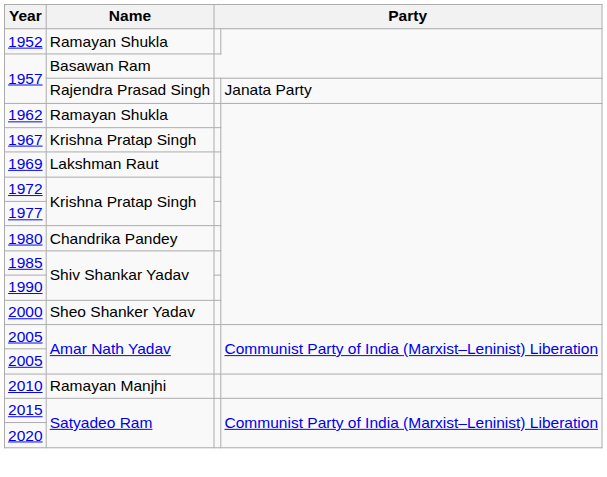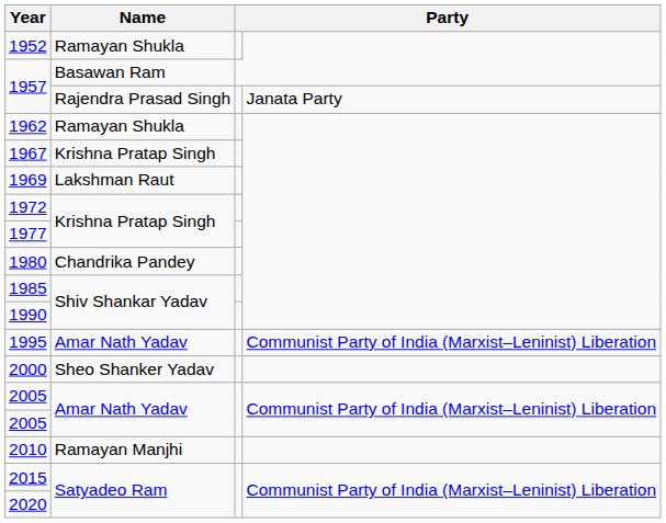 <table class="wikitable sortable">
 <tr>
 <th>Year</th>
 <th>Name</th>
 <th colspan="2">Party</th>
 </tr>
 <tr>
 <td><a href='#'>1952</a></td>
 <td>Ramayan Shukla</td>
 <td></td>
 </tr>
 <tr>
 <td rowspan="2"><a href='#'>1957</a></td>
 <td>Basawan Ram</td>
 </tr>
 <tr>
 <td>Rajendra Prasad Singh</td>
 <td style="background-color: "></td>
 <td>Janata Party</td>
 </tr>
 <tr>
 <td><a href='#'>1962</a></td>
 <td>Ramayan Shukla</td>
 <td></td>
 </tr>
 <tr>
 <td><a href='#'>1967</a></td>
 <td>Krishna Pratap Singh</td>
 <td></td>
 </tr>
 <tr>
 <td><a href='#'>1969</a></td>
 <td>Lakshman Raut</td>
 <td></td>
 </tr>
 <tr>
 <td><a href='#'>1972</a></td>
 <td rowspan="2">Krishna Pratap Singh</td>
 <td></td>
 </tr>
 <tr>
 <td><a href='#'>1977</a></td>
 <td></td>
 </tr>
 <tr>
 <td><a href='#'>1980</a></td>
 <td>Chandrika Pandey</td>
 <td></td>
 </tr>
 <tr>
 <td><a href='#'>1985</a></td>
 <td rowspan="2">Shiv Shankar Yadav</td>
 <td></td>
 </tr>
 <tr>
 <td><a href='#'>1990</a></td>
 <td></td>
 </tr>
 <tr>
+<td><a href='#'>1995</a></td>
+<td><a href='#'>Amar Nath Yadav</a></td>
+<td style="background-color: "></td>
+<td><a href='#'>Communist Party of India (Marxist–Leninist) Liberation</a></td>
+</tr>
+<tr>
 <td><a href='#'>2000</a></td>
 <td>Sheo Shanker Yadav</td>
 <td></td>
 </tr>
 <tr>
 <td><a href='#'>2005</a></td>
 <td rowspan="2"><a href='#'>Amar Nath Yadav</a></td>
 <td rowspan="2" style="background-color: "></td>
 <td rowspan="2"><a href='#'>Communist Party of India (Marxist–Leninist) Liberation</a></td>
 </tr>
 <tr>
 <td><a href='#'>2005</a></td>
 </tr>
 <tr>
 <td><a href='#'>2010</a></td>
 <td>Ramayan Manjhi</td>
 <td></td>
 </tr>
 <tr>
 <td><a href='#'>2015</a></td>
 <td rowspan="2"><a href='#'>Satyadeo Ram</a></td>
 <td rowspan="2" style="background-color: "></td>
 <td rowspan="2"><a href='#'>Communist Party of India (Marxist–Leninist) Liberation</a></td>
 </tr>
 <tr>
 <td><a href='#'>2020</a></td>
 </tr>
 </table>
